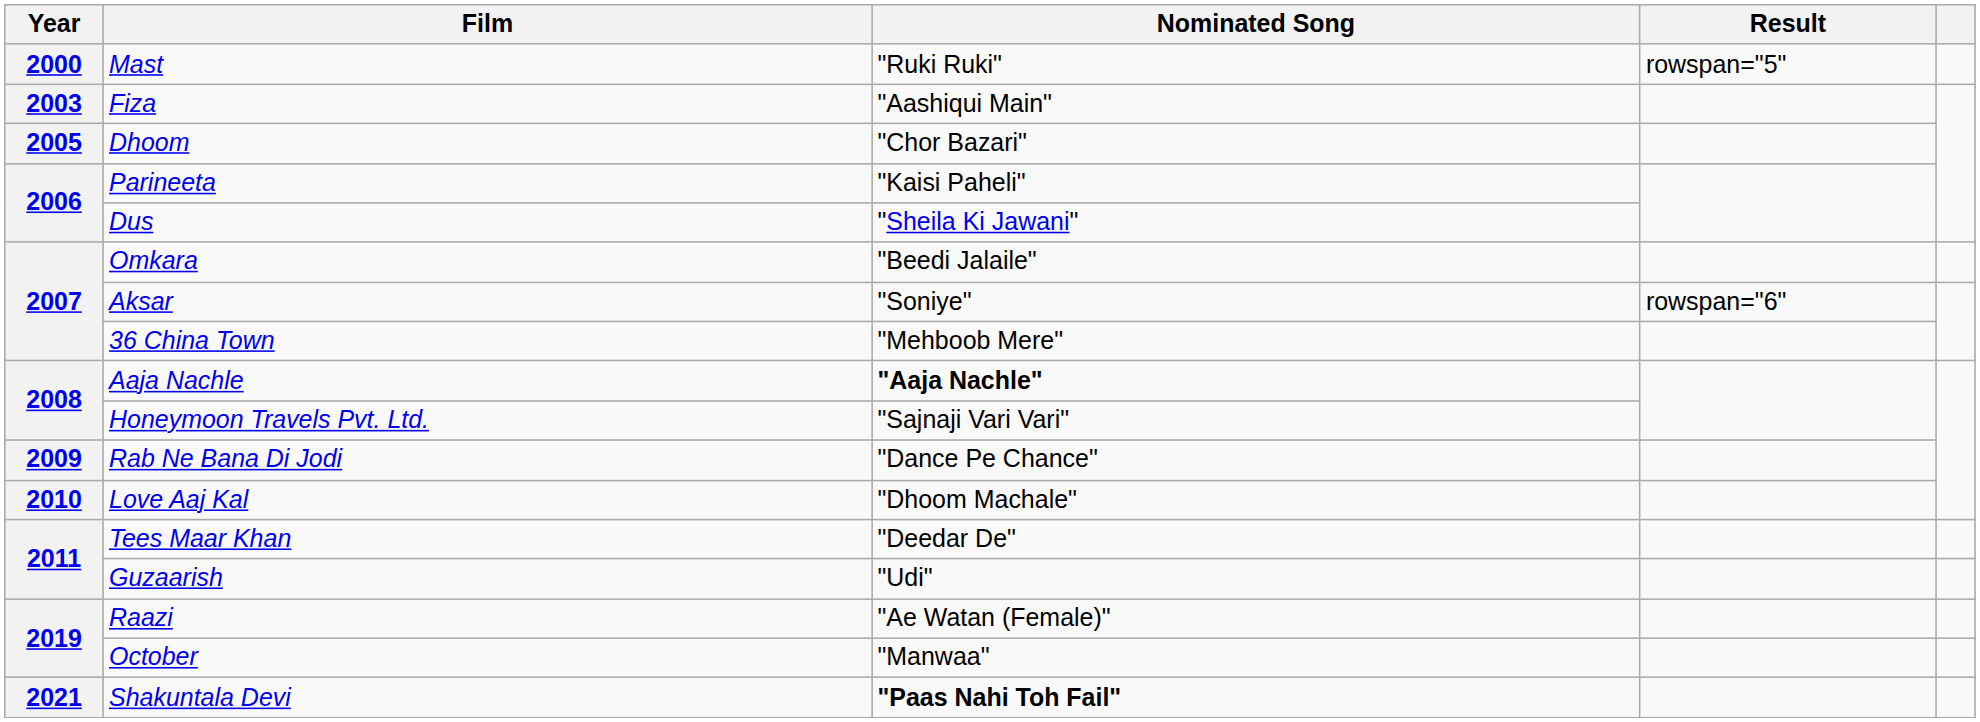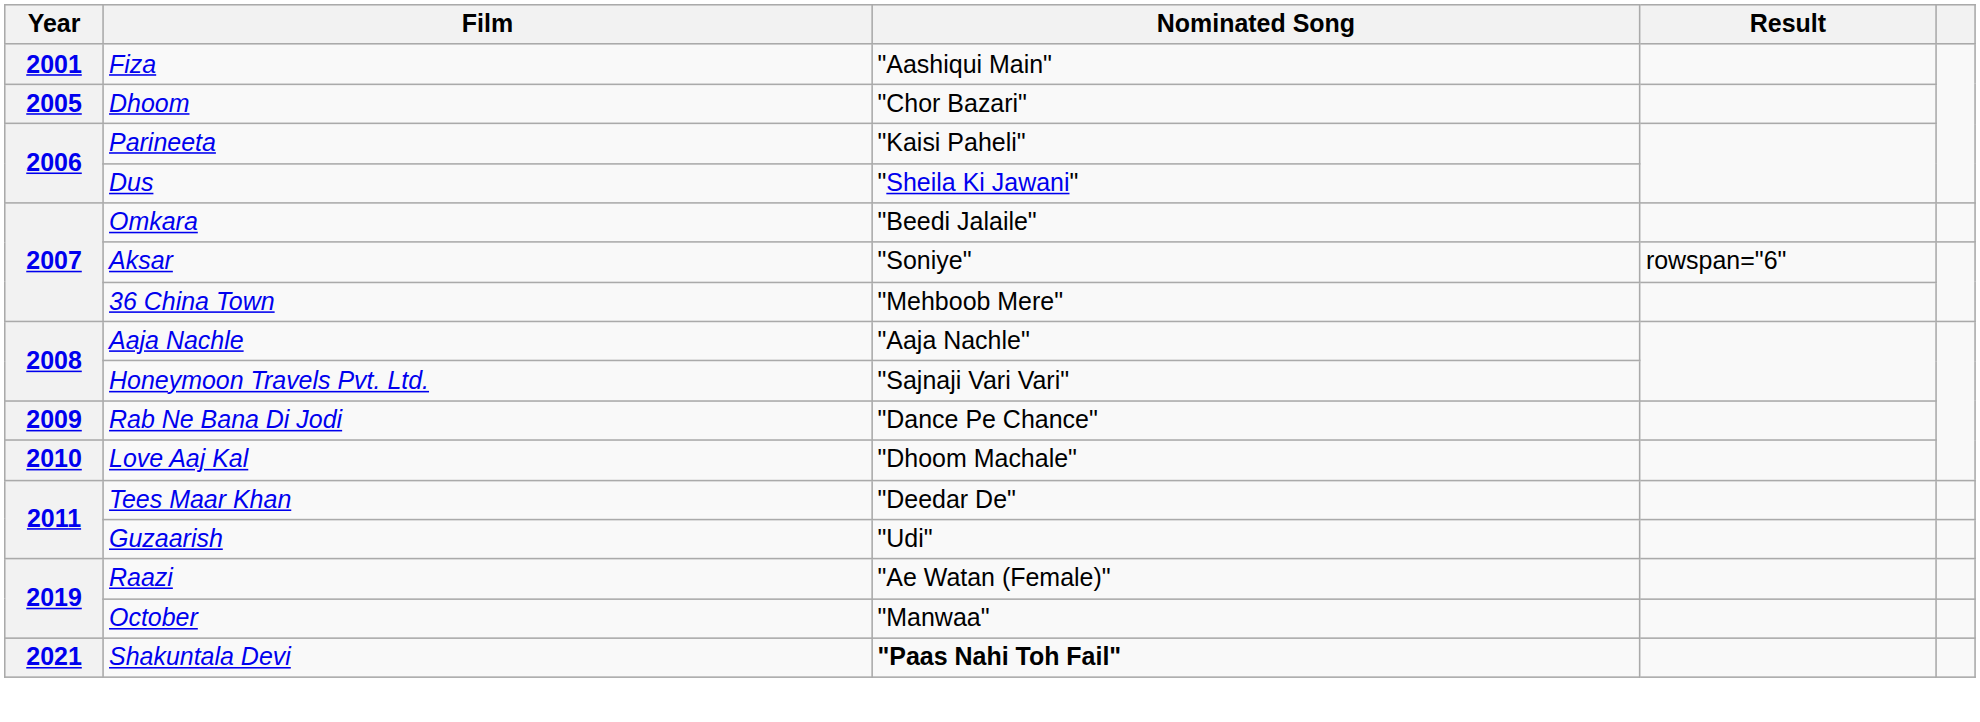 <table class="wikitable plainrowheaders" width="100%" textcolor:#000;">
 <tr>
 <th scope="col" width=5%><strong>Year</strong></th>
 <th scope="col" width=39%><strong>Film</strong></th>
 <th scope="col" width=39%><strong>Nominated Song</strong></th>
 <th scope="col" width=15%><strong>Result</strong></th>
 <th scope="col" width=2%><strong></strong></th>
 </tr>
 <tr>
-<th scope="row"><a href='#'>2000</a></th>
-<td><em><a href='#'>Mast</a></em></td>
-<td>"Ruki Ruki"</td>
-<td>rowspan="5" </td>
-<td style="text-align:center;"></td>
-</tr>
-<tr>
-<th scope="row"><a href='#'>2003</a></th>
+<th scope="row"><a href='#'>2001</a></th>
 <td><em><a href='#'>Fiza</a></em></td>
 <td>"Aashiqui Main"</td>
 <td style="text-align:center;"></td>
 </tr>
 <tr>
 <th scope="row"><a href='#'>2005</a></th>
 <td><em><a href='#'>Dhoom</a></em></td>
 <td>"Chor Bazari"</td>
 <td style="text-align:center;"></td>
 </tr>
 <tr>
 <th scope="row" rowspan="2"><a href='#'>2006</a></th>
 <td><em><a href='#'>Parineeta</a></em></td>
 <td>"Kaisi Paheli"</td>
 <td style="text-align:center;" rowspan="2"></td>
 </tr>
 <tr>
 <td><em><a href='#'>Dus</a></em></td>
 <td>"<a href='#'>Sheila Ki Jawani</a>"</td>
 </tr>
 <tr>
 <th scope="row" rowspan="3"><a href='#'>2007</a></th>
 <td><em><a href='#'>Omkara</a></em></td>
 <td>"Beedi Jalaile"</td>
 <td></td>
 <td style="text-align:center;"></td>
 </tr>
 <tr>
 <td><em><a href='#'>Aksar</a></em></td>
 <td>"Soniye"</td>
 <td>rowspan="6" </td>
 <td style="text-align:center;" rowspan="2"></td>
 </tr>
 <tr>
 <td><em><a href='#'>36 China Town</a></em></td>
 <td>"Mehboob Mere"</td>
 </tr>
 <tr>
 <th scope="row" rowspan="2"><a href='#'>2008</a></th>
 <td><em><a href='#'>Aaja Nachle</a></em></td>
-<td><strong>"Aaja Nachle"</strong></td>
+<td>"Aaja Nachle"</td>
 <td style="text-align:center;" rowspan="2"></td>
 </tr>
 <tr>
 <td><em><a href='#'>Honeymoon Travels Pvt. Ltd.</a></em></td>
 <td>"Sajnaji Vari Vari"</td>
 </tr>
 <tr>
 <th scope="row"><a href='#'>2009</a></th>
 <td><em><a href='#'>Rab Ne Bana Di Jodi</a></em></td>
 <td>"Dance Pe Chance"</td>
 <td style="text-align:center;"></td>
 </tr>
 <tr>
 <th scope="row"><a href='#'>2010</a></th>
 <td><em><a href='#'>Love Aaj Kal</a></em></td>
 <td>"Dhoom Machale"</td>
 <td style="text-align:center;"></td>
 </tr>
 <tr>
 <th scope="row" rowspan="2"><a href='#'>2011</a></th>
 <td><em><a href='#'>Tees Maar Khan</a></em></td>
 <td>"Deedar De"</td>
 <td></td>
 <td style="text-align:center;"></td>
 </tr>
 <tr>
 <td><em><a href='#'>Guzaarish</a></em></td>
 <td>"Udi"</td>
 <td></td>
 <td style="text-align:center;"></td>
 </tr>
 <tr>
 <th scope="row" rowspan="2"><a href='#'>2019</a></th>
 <td><em><a href='#'>Raazi</a></em></td>
 <td>"Ae Watan (Female)"</td>
 <td></td>
 <td></td>
 </tr>
 <tr>
 <td><em><a href='#'>October</a></em></td>
 <td>"Manwaa"</td>
 <td></td>
 <td></td>
 </tr>
 <tr>
 <th scope="row"><a href='#'>2021</a></th>
 <td><em><a href='#'>Shakuntala Devi</a></em></td>
 <td><strong>"Paas Nahi Toh Fail"</strong></td>
 <td></td>
 <td></td>
 </tr>
 </table>
